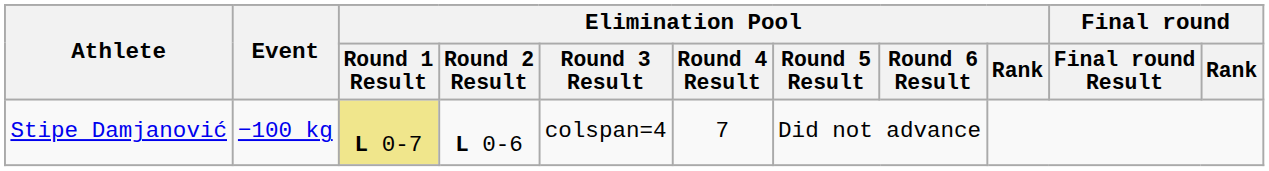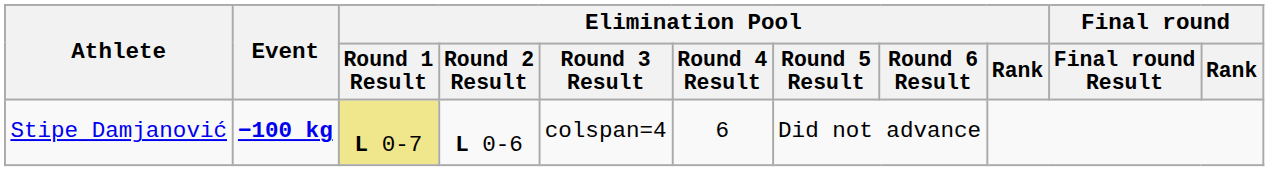 <table class="wikitable" style="font-size:90%">
 <tr>
 <th rowspan="2">Athlete</th>
 <th rowspan="2">Event</th>
 <th colspan=7>Elimination Pool</th>
 <th colspan=2>Final round</th>
 </tr>
 <tr style="font-size: 95%">
 <th>Round 1<br>Result</th>
 <th>Round 2<br>Result</th>
 <th>Round 3<br>Result</th>
 <th>Round 4<br>Result</th>
 <th>Round 5<br>Result</th>
 <th>Round 6<br>Result</th>
 <th>Rank</th>
 <th>Final round<br>Result</th>
 <th>Rank</th>
 </tr>
 <tr align=center>
 <td align=left><a href='#'>Stipe Damjanović</a></td>
-<td align=left><a href='#'>−100 kg</a></td>
+<td align=left><strong><a href='#'>−100 kg</a></strong></td>
 <td style="background: khaki;"><br><strong>L</strong> 0-7</td>
 <td><br><strong>L</strong> 0-6</td>
 <td>colspan=4 </td>
-<td>7</td>
+<td>6</td>
 <td colspan=2>Did not advance</td>
 </tr>
 </table>
